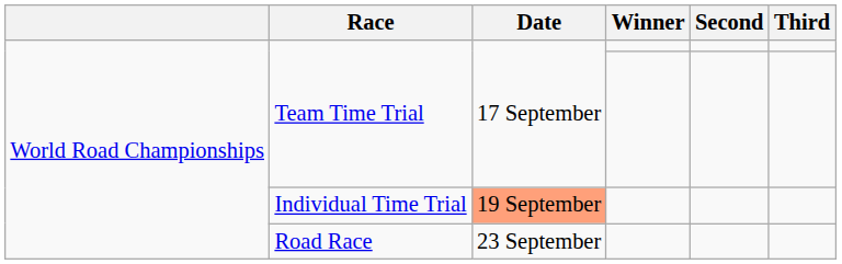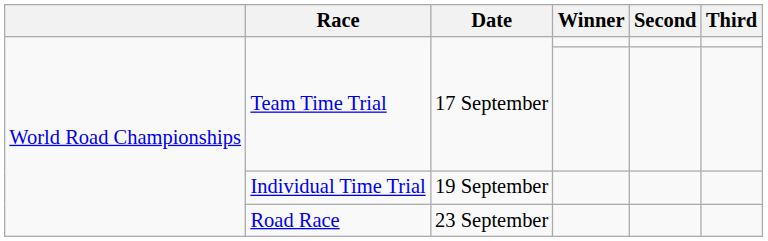 <table class="wikitable sortable">
 <tr>
 <th></th>
 <th>Race</th>
 <th>Date</th>
 <th>Winner</th>
 <th>Second</th>
 <th>Third</th>
 </tr>
 <tr>
 <td rowspan=4><a href='#'>World Road Championships</a></td>
 <td rowspan=2><a href='#'>Team Time Trial</a></td>
 <td rowspan=2>17 September</td>
 <td> </td>
 <td> </td>
 <td> </td>
 </tr>
 <tr>
 <td><small><br><br><br><br><br></small></td>
 <td><small><br><br><br><br><br></small></td>
 <td><small><br><br><br><br><br></small></td>
 </tr>
 <tr>
 <td><a href='#'>Individual Time Trial</a></td>
-<td style="background: lightsalmon;">19 September</td>
+<td>19 September</td>
 <td></td>
 <td></td>
 <td></td>
 </tr>
 <tr>
 <td><a href='#'>Road Race</a></td>
 <td>23 September</td>
 <td></td>
 <td></td>
 <td></td>
 </tr>
 </table>
